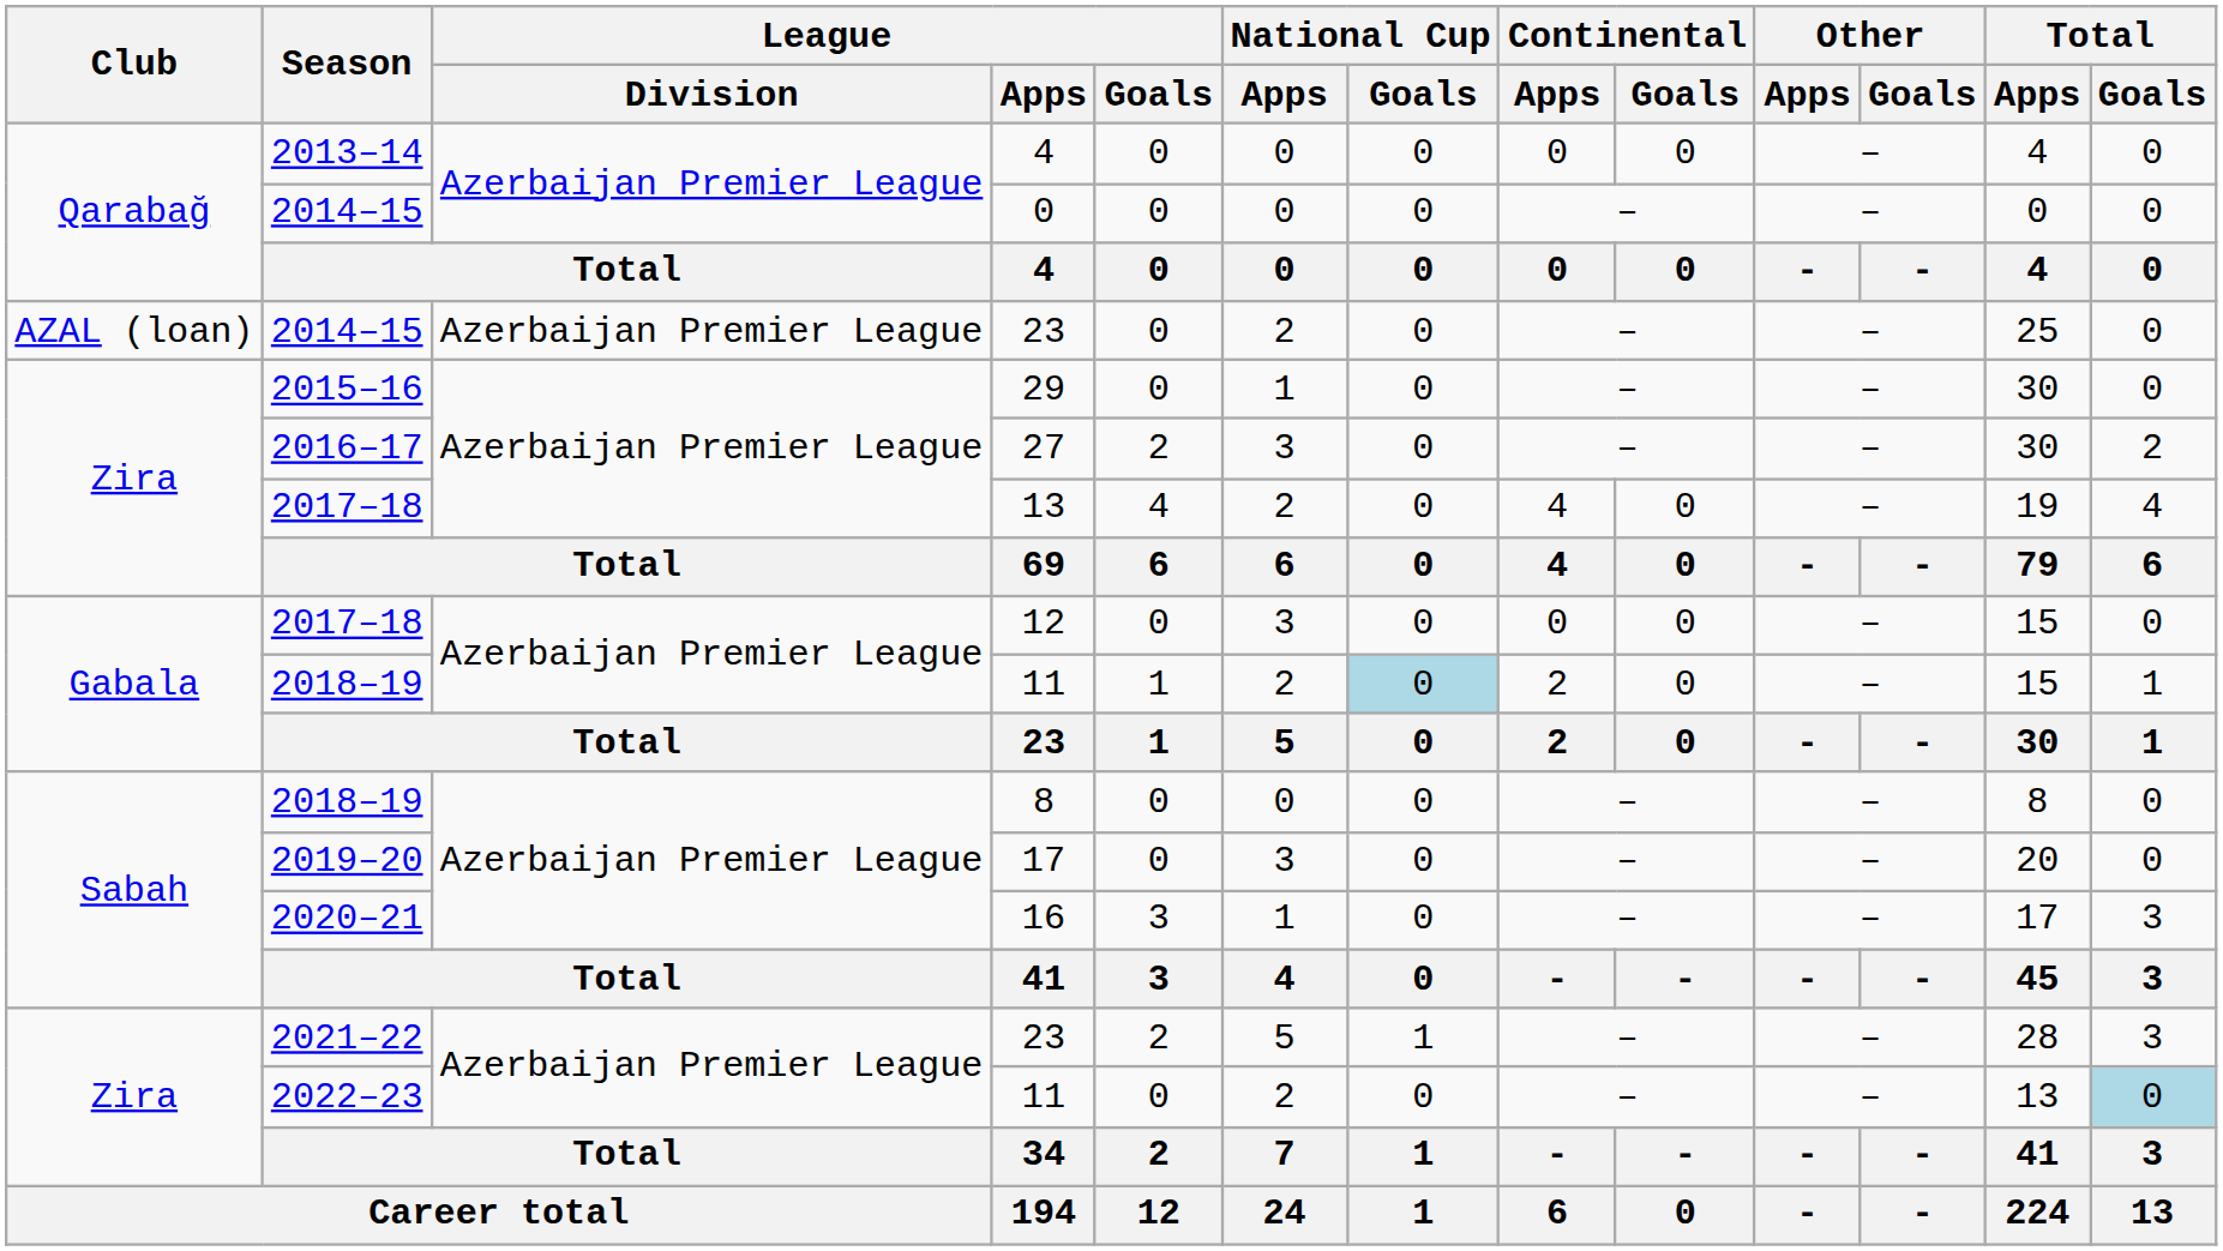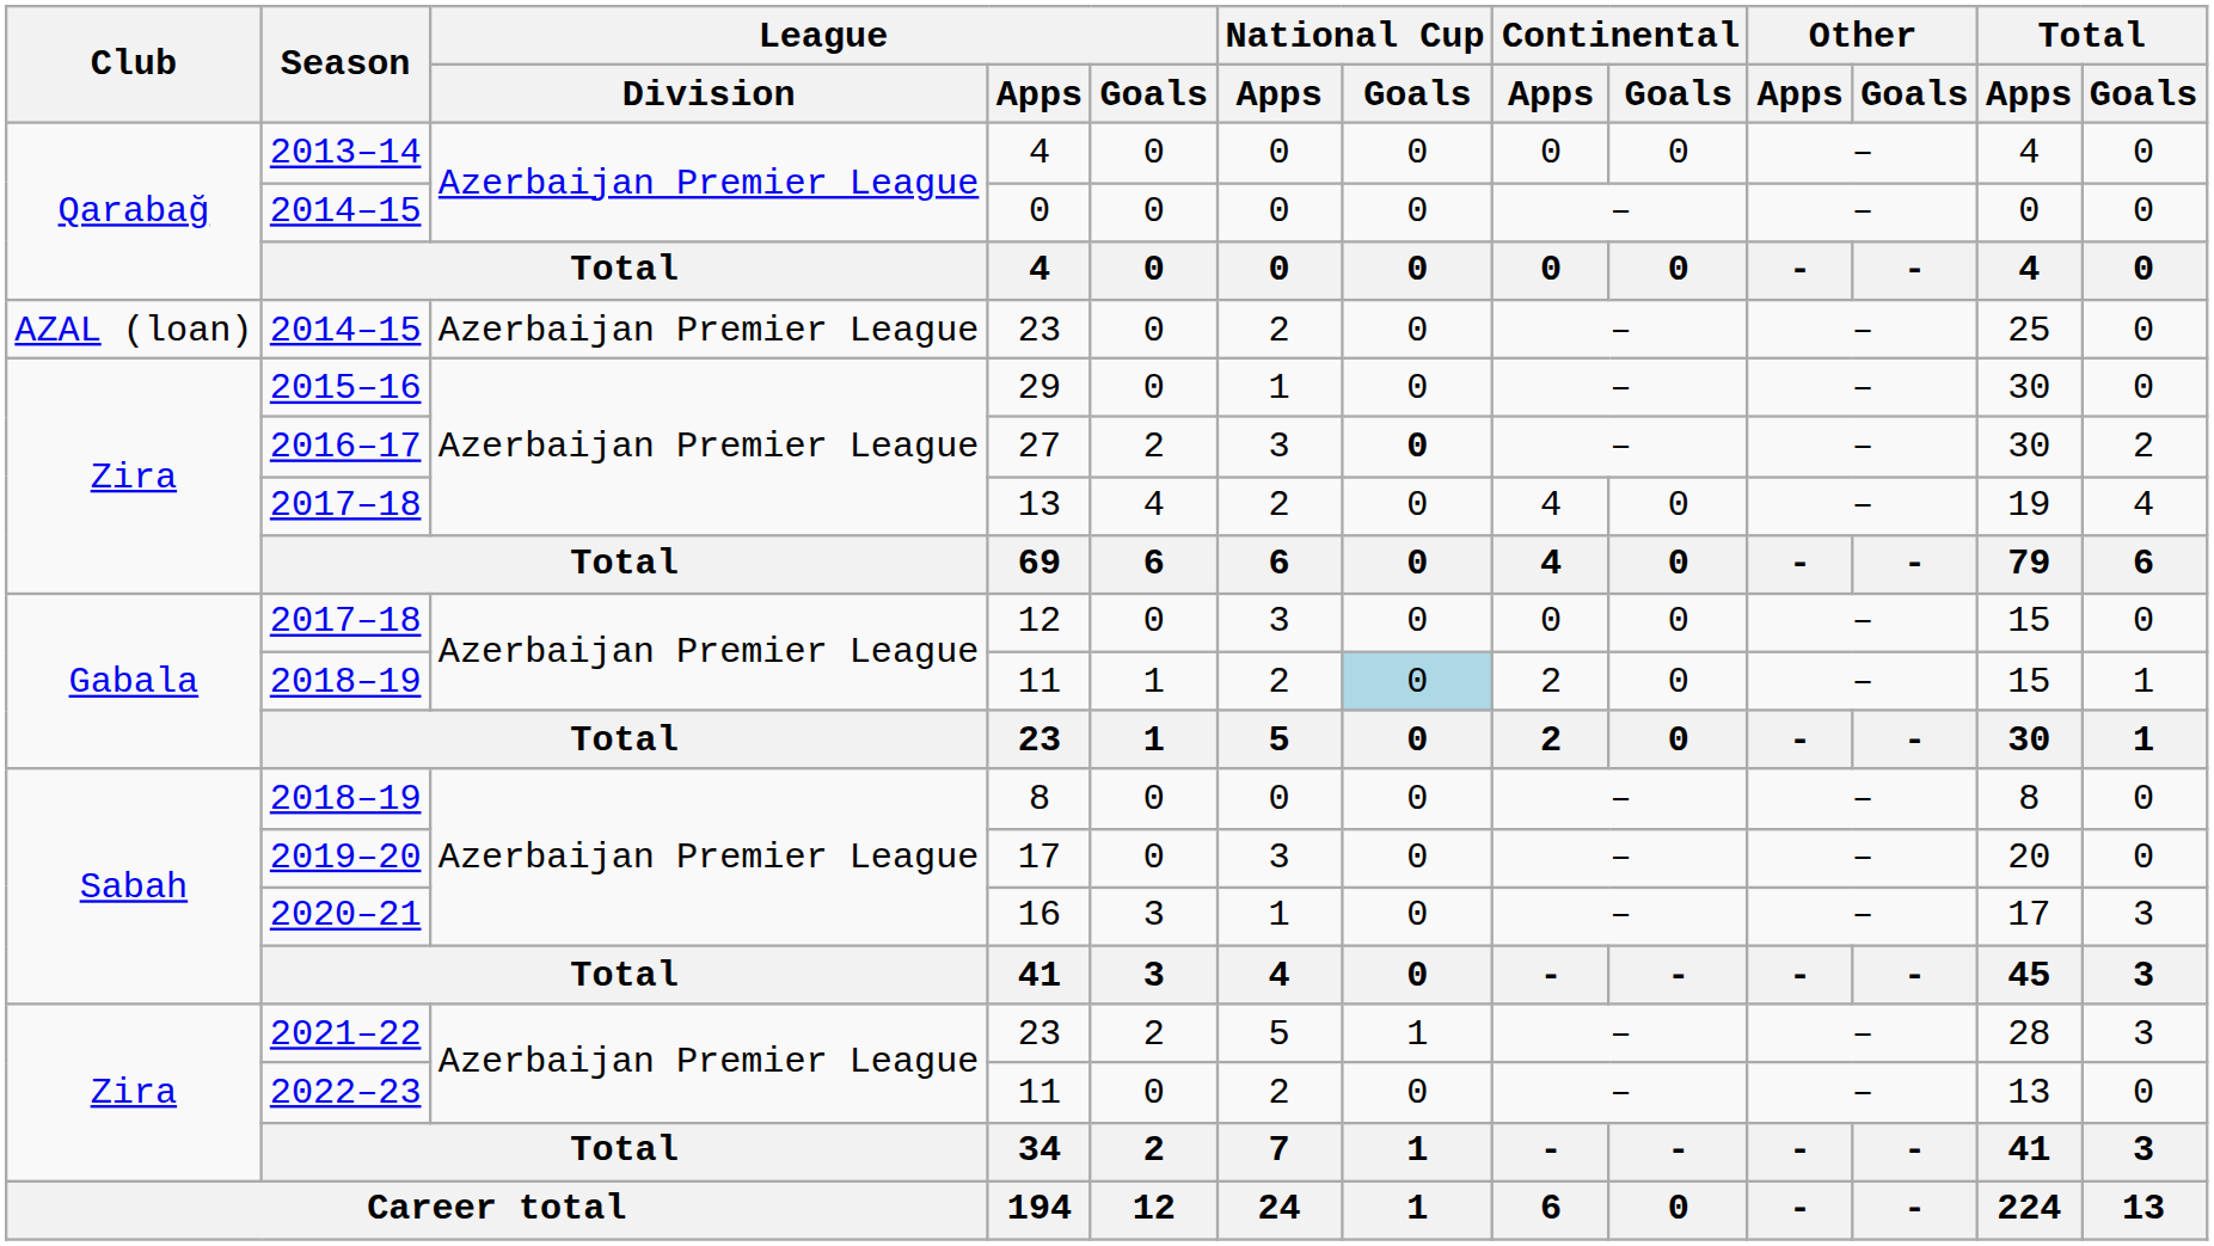 <table class="wikitable" style="text-align: center">
 <tr>
 <th rowspan="2">Club</th>
 <th rowspan="2">Season</th>
 <th colspan="3">League</th>
 <th colspan="2">National Cup</th>
 <th colspan="2">Continental</th>
 <th colspan="2">Other</th>
 <th colspan="2">Total</th>
 </tr>
 <tr>
 <th>Division</th>
 <th>Apps</th>
 <th>Goals</th>
 <th>Apps</th>
 <th>Goals</th>
 <th>Apps</th>
 <th>Goals</th>
 <th>Apps</th>
 <th>Goals</th>
 <th>Apps</th>
 <th>Goals</th>
 </tr>
 <tr>
 <td rowspan="3"><a href='#'>Qarabağ</a></td>
 <td><a href='#'>2013–14</a></td>
 <td rowspan="2"><a href='#'>Azerbaijan Premier League</a></td>
 <td>4</td>
 <td>0</td>
 <td>0</td>
 <td>0</td>
 <td>0</td>
 <td>0</td>
 <td colspan="2">–</td>
 <td>4</td>
 <td>0</td>
 </tr>
 <tr>
 <td><a href='#'>2014–15</a></td>
 <td>0</td>
 <td>0</td>
 <td>0</td>
 <td>0</td>
 <td colspan="2">–</td>
 <td colspan="2">–</td>
 <td>0</td>
 <td>0</td>
 </tr>
 <tr>
 <th colspan="2">Total</th>
 <th>4</th>
 <th>0</th>
 <th>0</th>
 <th>0</th>
 <th>0</th>
 <th>0</th>
 <th>-</th>
 <th>-</th>
 <th>4</th>
 <th>0</th>
 </tr>
 <tr>
 <td><a href='#'>AZAL</a> (loan)</td>
 <td><a href='#'>2014–15</a></td>
 <td>Azerbaijan Premier League</td>
 <td>23</td>
 <td>0</td>
 <td>2</td>
 <td>0</td>
 <td colspan="2">–</td>
 <td colspan="2">–</td>
 <td>25</td>
 <td>0</td>
 </tr>
 <tr>
 <td rowspan="4"><a href='#'>Zira</a></td>
 <td><a href='#'>2015–16</a></td>
 <td rowspan="3">Azerbaijan Premier League</td>
 <td>29</td>
 <td>0</td>
 <td>1</td>
 <td>0</td>
 <td colspan="2">–</td>
 <td colspan="2">–</td>
 <td>30</td>
 <td>0</td>
 </tr>
 <tr>
 <td><a href='#'>2016–17</a></td>
 <td>27</td>
 <td>2</td>
 <td>3</td>
-<td>0</td>
+<td><strong>0</strong></td>
 <td colspan="2">–</td>
 <td colspan="2">–</td>
 <td>30</td>
 <td>2</td>
 </tr>
 <tr>
 <td><a href='#'>2017–18</a></td>
 <td>13</td>
 <td>4</td>
 <td>2</td>
 <td>0</td>
 <td>4</td>
 <td>0</td>
 <td colspan="2">–</td>
 <td>19</td>
 <td>4</td>
 </tr>
 <tr>
 <th colspan="2">Total</th>
 <th>69</th>
 <th>6</th>
 <th>6</th>
 <th>0</th>
 <th>4</th>
 <th>0</th>
 <th>-</th>
 <th>-</th>
 <th>79</th>
 <th>6</th>
 </tr>
 <tr>
 <td rowspan="3"><a href='#'>Gabala</a></td>
 <td><a href='#'>2017–18</a></td>
 <td rowspan="2">Azerbaijan Premier League</td>
 <td>12</td>
 <td>0</td>
 <td>3</td>
 <td>0</td>
 <td>0</td>
 <td>0</td>
 <td colspan="2">–</td>
 <td>15</td>
 <td>0</td>
 </tr>
 <tr>
 <td><a href='#'>2018–19</a></td>
 <td>11</td>
 <td>1</td>
 <td>2</td>
 <td style="background: lightblue;">0</td>
 <td>2</td>
 <td>0</td>
 <td colspan="2">–</td>
 <td>15</td>
 <td>1</td>
 </tr>
 <tr>
 <th colspan="2">Total</th>
 <th>23</th>
 <th>1</th>
 <th>5</th>
 <th>0</th>
 <th>2</th>
 <th>0</th>
 <th>-</th>
 <th>-</th>
 <th>30</th>
 <th>1</th>
 </tr>
 <tr>
 <td rowspan="4"><a href='#'>Sabah</a></td>
 <td><a href='#'>2018–19</a></td>
 <td rowspan="3">Azerbaijan Premier League</td>
 <td>8</td>
 <td>0</td>
 <td>0</td>
 <td>0</td>
 <td colspan="2">–</td>
 <td colspan="2">–</td>
 <td>8</td>
 <td>0</td>
 </tr>
 <tr>
 <td><a href='#'>2019–20</a></td>
 <td>17</td>
 <td>0</td>
 <td>3</td>
 <td>0</td>
 <td colspan="2">–</td>
 <td colspan="2">–</td>
 <td>20</td>
 <td>0</td>
 </tr>
 <tr>
 <td><a href='#'>2020–21</a></td>
 <td>16</td>
 <td>3</td>
 <td>1</td>
 <td>0</td>
 <td colspan="2">–</td>
 <td colspan="2">–</td>
 <td>17</td>
 <td>3</td>
 </tr>
 <tr>
 <th colspan="2">Total</th>
 <th>41</th>
 <th>3</th>
 <th>4</th>
 <th>0</th>
 <th>-</th>
 <th>-</th>
 <th>-</th>
 <th>-</th>
 <th>45</th>
 <th>3</th>
 </tr>
 <tr>
 <td rowspan="3"><a href='#'>Zira</a></td>
 <td><a href='#'>2021–22</a></td>
 <td rowspan="2">Azerbaijan Premier League</td>
 <td>23</td>
 <td>2</td>
 <td>5</td>
 <td>1</td>
 <td colspan="2">–</td>
 <td colspan="2">–</td>
 <td>28</td>
 <td>3</td>
 </tr>
 <tr>
 <td><a href='#'>2022–23</a></td>
 <td>11</td>
 <td>0</td>
 <td>2</td>
 <td>0</td>
 <td colspan="2">–</td>
 <td colspan="2">–</td>
 <td>13</td>
-<td style="background: lightblue;">0</td>
+<td>0</td>
 </tr>
 <tr>
 <th colspan="2">Total</th>
 <th>34</th>
 <th>2</th>
 <th>7</th>
 <th>1</th>
 <th>-</th>
 <th>-</th>
 <th>-</th>
 <th>-</th>
 <th>41</th>
 <th>3</th>
 </tr>
 <tr>
 <th colspan="3">Career total</th>
 <th>194</th>
 <th>12</th>
 <th>24</th>
 <th>1</th>
 <th>6</th>
 <th>0</th>
 <th>-</th>
 <th>-</th>
 <th>224</th>
 <th>13</th>
 </tr>
 </table>
